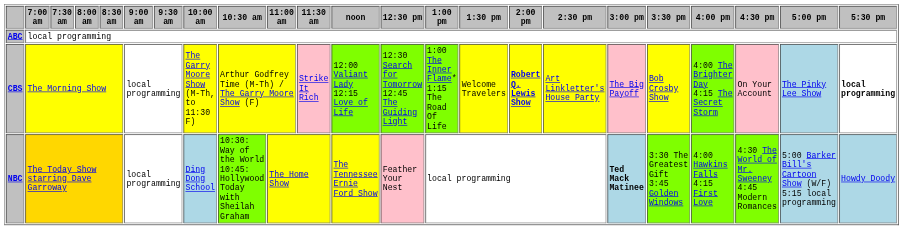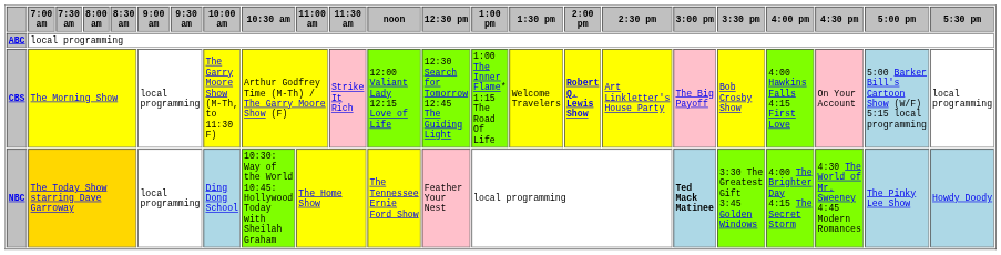 <table border="1" cellpadding="2">
 <tr>
 <th bgcolor="#C0C0C0"> </th>
 <th width="13%" bgcolor="#C0C0C0">7:00 am</th>
 <th width="14%" bgcolor="#C0C0C0">7:30 am</th>
 <th width="13%" bgcolor="#C0C0C0">8:00 am</th>
 <th width="14%" bgcolor="#C0C0C0">8:30 am</th>
 <th width="13%" bgcolor="#C0C0C0">9:00 am</th>
 <th width="14%" bgcolor="#C0C0C0">9:30 am</th>
 <th width="13%" bgcolor="#C0C0C0">10:00 am</th>
 <th width="14%" bgcolor="#C0C0C0">10:30 am</th>
 <th width="13%" bgcolor="#C0C0C0">11:00 am</th>
 <th width="14%" bgcolor="#C0C0C0">11:30 am</th>
 <th width="13%" bgcolor="#C0C0C0">noon</th>
 <th width="14%" bgcolor="#C0C0C0">12:30 pm</th>
 <th width="13%" bgcolor="#C0C0C0">1:00 pm</th>
 <th width="14%" bgcolor="#C0C0C0">1:30 pm</th>
 <th width="13%" bgcolor="#C0C0C0">2:00 pm</th>
 <th width="14%" bgcolor="#C0C0C0">2:30 pm</th>
 <th width="13%" bgcolor="#C0C0C0">3:00 pm</th>
 <th width="14%" bgcolor="#C0C0C0">3:30 pm</th>
 <th width="13%" bgcolor="#C0C0C0">4:00 pm</th>
 <th width="14%" bgcolor="#C0C0C0">4:30 pm</th>
 <th width="13%" bgcolor="#C0C0C0">5:00 pm</th>
 <th width="14%" bgcolor="#C0C0C0">5:30 pm</th>
 </tr>
 <tr>
 <th bgcolor="#C0C0C0"><a href='#'>ABC</a></th>
 <td bgcolor="white" colspan="22">local programming</td>
 </tr>
 <tr>
 <th bgcolor="#C0C0C0"><a href='#'>CBS</a></th>
 <td bgcolor="yellow" colspan="4"><a href='#'>The Morning Show</a></td>
 <td bgcolor="white" colspan="2">local programming</td>
 <td bgcolor="yellow"><a href='#'>The Garry Moore Show</a> (M-Th, to 11:30 F)</td>
 <td bgcolor="yellow" colspan="2">Arthur Godfrey Time (M-Th) / <a href='#'>The Garry Moore Show</a> (F)</td>
 <td bgcolor="pink"><a href='#'>Strike It Rich</a></td>
 <td bgcolor="chartreuse">12:00 <a href='#'>Valiant Lady</a><br>12:15 <a href='#'>Love of Life</a></td>
 <td bgcolor="chartreuse">12:30 <a href='#'>Search for Tomorrow</a><br>12:45 <a href='#'>The Guiding Light</a></td>
 <td bgcolor="chartreuse">1:00 <a href='#'>The Inner Flame</a>*<br>1:15 The Road Of Life</td>
 <td bgcolor="yellow">Welcome Travelers</td>
 <td bgcolor="yellow"><strong><a href='#'>Robert Q. Lewis Show</a></strong></td>
 <td bgcolor="yellow"><a href='#'>Art Linkletter's House Party</a></td>
 <td bgcolor="pink"><a href='#'>The Big Payoff</a></td>
 <td bgcolor="yellow"><a href='#'>Bob Crosby Show</a></td>
-<td bgcolor="chartreuse">4:00 <a href='#'>The Brighter Day</a><br>4:15 <a href='#'>The Secret Storm</a></td>
+<td bgcolor="chartreuse">4:00 <a href='#'>Hawkins Falls</a><br>4:15 <a href='#'>First Love</a></td>
 <td bgcolor="pink">On Your Account</td>
-<td bgcolor="lightblue"><a href='#'>The Pinky Lee Show</a></td>
-<td bgcolor="white"><strong>local programming</strong></td>
+<td bgcolor="lightblue">5:00 <a href='#'>Barker Bill's Cartoon Show</a> (W/F)<br>5:15 local programming</td>
+<td bgcolor="white">local programming</td>
 </tr>
 <tr>
 <th bgcolor="#C0C0C0"><a href='#'>NBC</a></th>
 <td bgcolor="gold" colspan="4"><a href='#'>The Today Show starring Dave Garroway</a></td>
 <td bgcolor="white" colspan="2">local programming</td>
 <td bgcolor="lightblue"><a href='#'>Ding Dong School</a></td>
 <td bgcolor="chartreuse">10:30: Way of the World 10:45: Hollywood Today with Sheilah Graham</td>
 <td colspan="2" bgcolor="yellow"><a href='#'>The Home Show</a></td>
 <td bgcolor="yellow"><a href='#'>The Tennessee Ernie Ford Show</a></td>
 <td bgcolor="pink">Feather Your Nest</td>
 <td bgcolor="white" colspan="4">local programming</td>
 <td bgcolor="lightblue"><strong>Ted Mack Matinee</strong></td>
 <td bgcolor="chartreuse">3:30 The Greatest Gift<br>3:45 <a href='#'>Golden Windows</a></td>
-<td bgcolor="chartreuse">4:00 <a href='#'>Hawkins Falls</a><br>4:15 <a href='#'>First Love</a></td>
+<td bgcolor="chartreuse">4:00 <a href='#'>The Brighter Day</a><br>4:15 <a href='#'>The Secret Storm</a></td>
 <td bgcolor="chartreuse">4:30 <a href='#'>The World of Mr. Sweeney</a><br>4:45 Modern Romances</td>
-<td bgcolor="lightblue">5:00 <a href='#'>Barker Bill's Cartoon Show</a> (W/F)<br>5:15 local programming</td>
+<td bgcolor="lightblue"><a href='#'>The Pinky Lee Show</a></td>
 <td bgcolor="lightblue"><a href='#'>Howdy Doody</a></td>
 </tr>
 </table>
